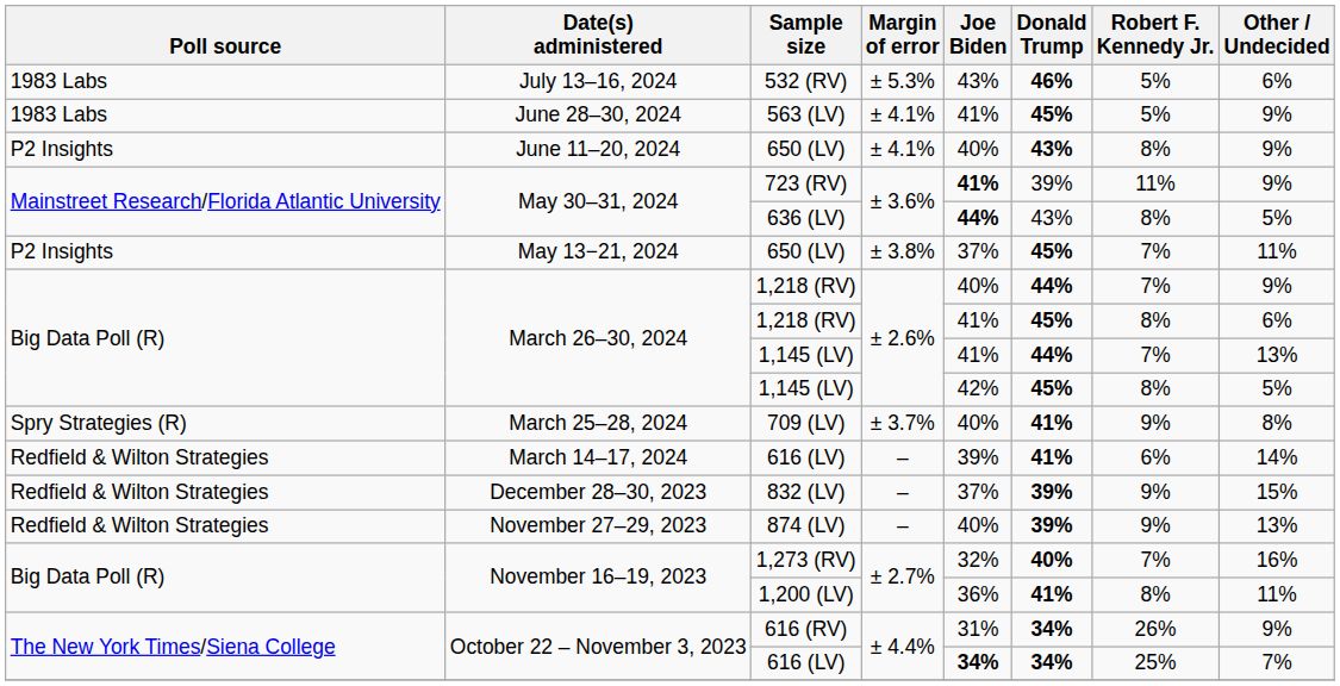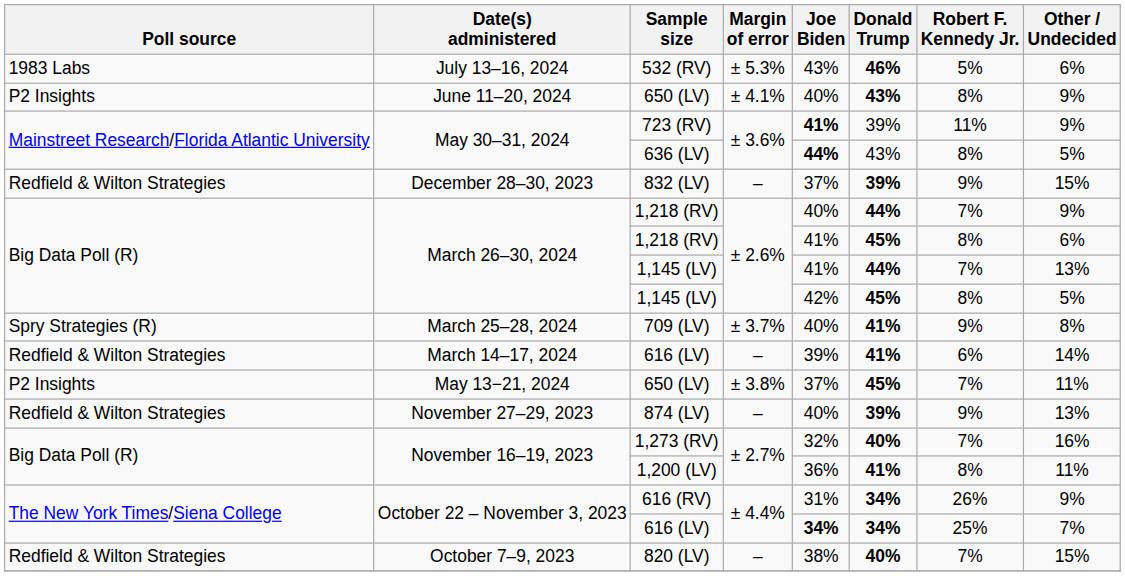 <table class="wikitable sortable mw-datatable" style="font-size:90%;text-align:center;line-height:17px">
 <tr style="vertical-align:bottom">
 <th>Poll source</th>
 <th>Date(s)<br>administered</th>
 <th>Sample<br>size</th>
 <th>Margin<br>of error</th>
 <th class="unsortable">Joe<br>Biden<br></th>
 <th class="unsortable">Donald<br>Trump<br></th>
 <th class="unsortable">Robert F.<br>Kennedy Jr.<br></th>
 <th class="unsortable">Other /<br>Undecided</th>
 </tr>
 <tr>
 <td style="text-align:left;">1983 Labs</td>
 <td data-sort-value="2024-07-19">July 13–16, 2024</td>
 <td>532 (RV)</td>
 <td>± 5.3%</td>
 <td>43%</td>
 <td style="background-color:"><strong>46%</strong></td>
 <td>5%</td>
 <td>6%</td>
-</tr>
-<tr>
-<td style="text-align:left;">1983 Labs</td>
-<td data-sort-value="2024-07-03">June 28–30, 2024</td>
-<td>563 (LV)</td>
-<td>± 4.1%</td>
-<td>41%</td>
-<td style="background-color:"><strong>45%</strong></td>
-<td>5%</td>
-<td>9%</td>
 </tr>
 <tr>
 <td style="text-align:left;">P2 Insights</td>
 <td data-sort-value="2024-06-26">June 11–20, 2024</td>
 <td>650 (LV)</td>
 <td>± 4.1%</td>
 <td>40%</td>
 <td style="background-color:"><strong>43%</strong></td>
 <td>8%</td>
 <td>9%</td>
 </tr>
 <tr>
 <td style="text-align:left;" rowspan="2"><a href='#'>Mainstreet Research</a>/<a href='#'>Florida Atlantic University</a></td>
 <td rowspan="2">May 30–31, 2024</td>
 <td>723 (RV)</td>
 <td rowspan="2">± 3.6%</td>
 <td style="color:black;background-color:"><strong>41%</strong></td>
 <td>39%</td>
 <td>11%</td>
 <td>9%</td>
 </tr>
 <tr>
 <td>636 (LV)</td>
 <td style="color:black;background-color:"><strong>44%</strong></td>
 <td>43%</td>
 <td>8%</td>
 <td>5%</td>
 </tr>
 <tr>
-<td style="text-align:left;">P2 Insights</td>
-<td data-sort-value="2024-05-21">May 13−21, 2024</td>
-<td>650 (LV)</td>
-<td>± 3.8%</td>
+<td style="text-align:left;">Redfield & Wilton Strategies</td>
+<td data-sort-value="2024-01-08">December 28–30, 2023</td>
+<td>832 (LV)</td>
+<td>–</td>
 <td>37%</td>
-<td style="background-color:"><strong>45%</strong></td>
-<td>7%</td>
-<td>11%</td>
+<td style="background-color:"><strong>39%</strong></td>
+<td>9%</td>
+<td>15%</td>
 </tr>
 <tr>
 <td style="text-align:left;" rowspan="4">Big Data Poll (R)</td>
 <td rowspan="4">March 26–30, 2024</td>
 <td>1,218 (RV)</td>
 <td rowspan="4">± 2.6%</td>
 <td>40%</td>
 <td style="background-color:"><strong>44%</strong></td>
 <td>7%</td>
 <td>9%</td>
 </tr>
 <tr>
 <td>1,218 (RV)</td>
 <td>41%</td>
 <td style="background-color:"><strong>45%</strong></td>
 <td>8%</td>
 <td>6%</td>
 </tr>
 <tr>
 <td>1,145 (LV)</td>
 <td>41%</td>
 <td style="background-color:"><strong>44%</strong></td>
 <td>7%</td>
 <td>13%</td>
 </tr>
 <tr>
 <td>1,145 (LV)</td>
 <td>42%</td>
 <td style="background-color:"><strong>45%</strong></td>
 <td>8%</td>
 <td>5%</td>
 </tr>
 <tr>
 <td style="text-align:left;">Spry Strategies (R)</td>
 <td data-sort-value="2024-04-02">March 25–28, 2024</td>
 <td>709 (LV)</td>
 <td>± 3.7%</td>
 <td>40%</td>
 <td style="background-color:"><strong>41%</strong></td>
 <td>9%</td>
 <td>8%</td>
 </tr>
 <tr>
 <td style="text-align:left;">Redfield & Wilton Strategies</td>
 <td data-sort-value="2024-03-25">March 14–17, 2024</td>
 <td>616 (LV)</td>
 <td>–</td>
 <td>39%</td>
 <td style="background-color:"><strong>41%</strong></td>
 <td>6%</td>
 <td>14%</td>
 </tr>
 <tr>
-<td style="text-align:left;">Redfield & Wilton Strategies</td>
-<td data-sort-value="2024-01-08">December 28–30, 2023</td>
-<td>832 (LV)</td>
-<td>–</td>
+<td style="text-align:left;">P2 Insights</td>
+<td data-sort-value="2024-05-21">May 13−21, 2024</td>
+<td>650 (LV)</td>
+<td>± 3.8%</td>
 <td>37%</td>
-<td style="background-color:"><strong>39%</strong></td>
-<td>9%</td>
-<td>15%</td>
+<td style="background-color:"><strong>45%</strong></td>
+<td>7%</td>
+<td>11%</td>
 </tr>
 <tr>
 <td style="text-align:left;">Redfield & Wilton Strategies</td>
 <td data-sort-value="2023-12-05">November 27–29, 2023</td>
 <td>874 (LV)</td>
 <td>–</td>
 <td>40%</td>
 <td style="background-color:"><strong>39%</strong></td>
 <td>9%</td>
 <td>13%</td>
 </tr>
 <tr>
 <td style="text-align:left;" rowspan="2">Big Data Poll (R)</td>
 <td rowspan="2">November 16–19, 2023</td>
 <td>1,273 (RV)</td>
 <td rowspan="2">± 2.7%</td>
 <td>32%</td>
 <td style="background-color:"><strong>40%</strong></td>
 <td>7%</td>
 <td>16%</td>
 </tr>
 <tr>
 <td>1,200 (LV)</td>
 <td>36%</td>
 <td style="background-color:"><strong>41%</strong></td>
 <td>8%</td>
 <td>11%</td>
 </tr>
 <tr>
 <td style="text-align:left;" rowspan="2"><a href='#'>The New York Times</a>/<a href='#'>Siena College</a></td>
 <td rowspan="2">October 22 – November 3, 2023</td>
 <td>616 (RV)</td>
 <td rowspan="2">± 4.4%</td>
 <td>31%</td>
 <td style="background-color:"><strong>34%</strong></td>
 <td>26%</td>
 <td>9%</td>
 </tr>
 <tr>
 <td>616 (LV)</td>
 <td><strong>34%</strong></td>
 <td><strong>34%</strong></td>
 <td>25%</td>
 <td>7%</td>
 </tr>
 <tr>
+<td style="text-align:left;">Redfield & Wilton Strategies</td>
+<td data-sort-value="2023-10-15">October 7–9, 2023</td>
+<td>820 (LV)</td>
+<td>–</td>
+<td>38%</td>
+<td style="background-color:"><strong>40%</strong></td>
+<td>7%</td>
+<td>15%</td>
+</tr>
+<tr>
 </tr>
 </table>
